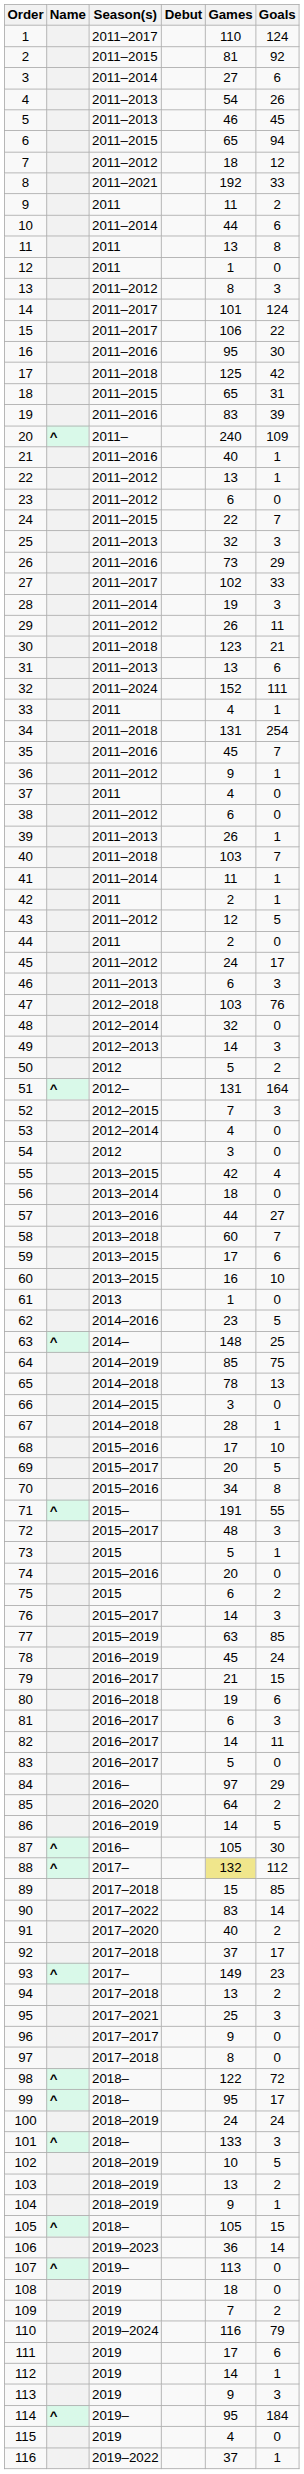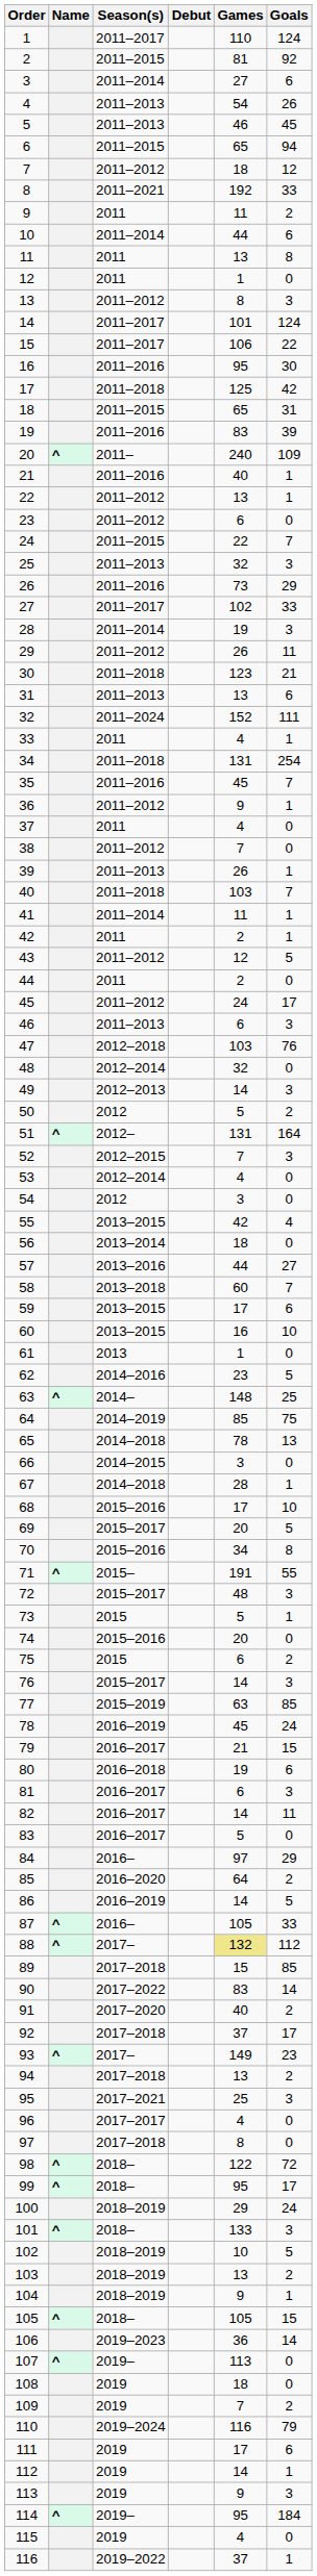 <table class="wikitable plainrowheaders sortable" style="text-align:center">
 <tr>
 <th scope="col">Order</th>
 <th scope="col">Name</th>
 <th scope="col">Season(s)</th>
 <th scope="col">Debut</th>
 <th scope="col">Games</th>
 <th scope="col">Goals</th>
 </tr>
 <tr>
 <td>1</td>
 <th scope="row" align="left"></th>
 <td align="left">2011–2017</td>
 <td></td>
 <td>110</td>
 <td>124</td>
 </tr>
 <tr>
 <td>2</td>
 <th scope="row" align="left"></th>
 <td align="left">2011–2015</td>
 <td></td>
 <td>81</td>
 <td>92</td>
 </tr>
 <tr>
 <td>3</td>
 <th scope="row" align="left"></th>
 <td align="left">2011–2014</td>
 <td></td>
 <td>27</td>
 <td>6</td>
 </tr>
 <tr>
 <td>4</td>
 <th scope="row" align="left"></th>
 <td align="left">2011–2013</td>
 <td></td>
 <td>54</td>
 <td>26</td>
 </tr>
 <tr>
 <td>5</td>
 <th scope="row" align="left"></th>
 <td align="left">2011–2013</td>
 <td></td>
 <td>46</td>
 <td>45</td>
 </tr>
 <tr>
 <td>6</td>
 <th scope="row" align="left"></th>
 <td align="left">2011–2015</td>
 <td></td>
 <td>65</td>
 <td>94</td>
 </tr>
 <tr>
 <td>7</td>
 <th scope="row" align="left"></th>
 <td align="left">2011–2012</td>
 <td></td>
 <td>18</td>
 <td>12</td>
 </tr>
 <tr>
 <td>8</td>
 <th scope="row" align=“left”></th>
 <td align="left">2011–2021</td>
 <td></td>
 <td>192</td>
 <td>33</td>
 </tr>
 <tr>
 <td>9</td>
 <th scope="row" align="left"></th>
 <td align="left">2011</td>
 <td></td>
 <td>11</td>
 <td>2</td>
 </tr>
 <tr>
 <td>10</td>
 <th scope="row" align="left"></th>
 <td align="left">2011–2014</td>
 <td></td>
 <td>44</td>
 <td>6</td>
 </tr>
 <tr>
 <td>11</td>
 <th scope="row" align="left"></th>
 <td align="left">2011</td>
 <td></td>
 <td>13</td>
 <td>8</td>
 </tr>
 <tr>
 <td>12</td>
 <th scope="row" align="left"></th>
 <td align="left">2011</td>
 <td></td>
 <td>1</td>
 <td>0</td>
 </tr>
 <tr>
 <td>13</td>
 <th scope="row" align="left"></th>
 <td align="left">2011–2012</td>
 <td></td>
 <td>8</td>
 <td>3</td>
 </tr>
 <tr>
 <td>14</td>
 <th scope="row" align="left"></th>
 <td align="left">2011–2017</td>
 <td></td>
 <td>101</td>
 <td>124</td>
 </tr>
 <tr>
 <td>15</td>
 <th scope="row" align="left"></th>
 <td align="left">2011–2017</td>
 <td></td>
 <td>106</td>
 <td>22</td>
 </tr>
 <tr>
 <td>16</td>
 <th scope="row" align="left"></th>
 <td align="left">2011–2016</td>
 <td></td>
 <td>95</td>
 <td>30</td>
 </tr>
 <tr>
 <td>17</td>
 <th scope="row" style="text-align:left"></th>
 <td align="left">2011–2018</td>
 <td></td>
 <td>125</td>
 <td>42</td>
 </tr>
 <tr>
 <td>18</td>
 <th scope="row" align="left"></th>
 <td align="left">2011–2015</td>
 <td></td>
 <td>65</td>
 <td>31</td>
 </tr>
 <tr>
 <td>19</td>
 <th scope="row" align="left"></th>
 <td align="left">2011–2016</td>
 <td></td>
 <td>83</td>
 <td>39</td>
 </tr>
 <tr>
 <td>20</td>
 <th scope="row" style="text-align:left; background:#d9f9e9;">^</th>
 <td align="left">2011–</td>
 <td></td>
 <td>240</td>
 <td>109</td>
 </tr>
 <tr>
 <td>21</td>
 <th scope="row" align="left"></th>
 <td align="left">2011–2016</td>
 <td></td>
 <td>40</td>
 <td>1</td>
 </tr>
 <tr>
 <td>22</td>
 <th scope="row" align="left"></th>
 <td align="left">2011–2012</td>
 <td></td>
 <td>13</td>
 <td>1</td>
 </tr>
 <tr>
 <td>23</td>
 <th scope="row" align="left"></th>
 <td align="left">2011–2012</td>
 <td></td>
 <td>6</td>
 <td>0</td>
 </tr>
 <tr>
 <td>24</td>
 <th scope="row" align="left"></th>
 <td align="left">2011–2015</td>
 <td></td>
 <td>22</td>
 <td>7</td>
 </tr>
 <tr>
 <td>25</td>
 <th scope="row" align="left"></th>
 <td align="left">2011–2013</td>
 <td></td>
 <td>32</td>
 <td>3</td>
 </tr>
 <tr>
 <td>26</td>
 <th scope="row" align="left"></th>
 <td align="left">2011–2016</td>
 <td></td>
 <td>73</td>
 <td>29</td>
 </tr>
 <tr>
 <td>27</td>
 <th scope="row" align="left"></th>
 <td align="left">2011–2017</td>
 <td></td>
 <td>102</td>
 <td>33</td>
 </tr>
 <tr>
 <td>28</td>
 <th scope="row" align="left"></th>
 <td align="left">2011–2014</td>
 <td></td>
 <td>19</td>
 <td>3</td>
 </tr>
 <tr>
 <td>29</td>
 <th scope="row" align="left"></th>
 <td align="left">2011–2012</td>
 <td></td>
 <td>26</td>
 <td>11</td>
 </tr>
 <tr>
 <td>30</td>
 <th scope="row"></th>
 <td align="left">2011–2018</td>
 <td></td>
 <td>123</td>
 <td>21</td>
 </tr>
 <tr>
 <td>31</td>
 <th scope="row" align="left"></th>
 <td align="left">2011–2013</td>
 <td></td>
 <td>13</td>
 <td>6</td>
 </tr>
 <tr>
 <td>32</td>
 <th scope="row" style="text-align:left"></th>
 <td align="left">2011–2024</td>
 <td></td>
 <td>152</td>
 <td>111</td>
 </tr>
 <tr>
 <td>33</td>
 <th scope="row" align="left"></th>
 <td align="left">2011</td>
 <td></td>
 <td>4</td>
 <td>1</td>
 </tr>
 <tr>
 <td>34</td>
 <th scope="row"></th>
 <td align="left">2011–2018</td>
 <td></td>
 <td>131</td>
 <td>254</td>
 </tr>
 <tr>
 <td>35</td>
 <th scope="row" style="text-align:left"></th>
 <td align="left">2011–2016</td>
 <td></td>
 <td>45</td>
 <td>7</td>
 </tr>
 <tr>
 <td>36</td>
 <th scope="row" align="left"></th>
 <td align="left">2011–2012</td>
 <td></td>
 <td>9</td>
 <td>1</td>
 </tr>
 <tr>
 <td>37</td>
 <th scope="row" align="left"></th>
 <td align="left">2011</td>
 <td></td>
 <td>4</td>
 <td>0</td>
 </tr>
 <tr>
 <td>38</td>
 <th scope="row" align="left"></th>
 <td align="left">2011–2012</td>
 <td></td>
-<td>6</td>
+<td>7</td>
 <td>0</td>
 </tr>
 <tr>
 <td>39</td>
 <th scope="row" align="left"></th>
 <td align="left">2011–2013</td>
 <td></td>
 <td>26</td>
 <td>1</td>
 </tr>
 <tr>
 <td>40</td>
 <th scope="row" style="text-align:left"></th>
 <td align="left">2011–2018</td>
 <td></td>
 <td>103</td>
 <td>7</td>
 </tr>
 <tr>
 <td>41</td>
 <th scope="row" align="left"></th>
 <td align="left">2011–2014</td>
 <td></td>
 <td>11</td>
 <td>1</td>
 </tr>
 <tr>
 <td>42</td>
 <th scope="row" align="left"></th>
 <td align="left">2011</td>
 <td></td>
 <td>2</td>
 <td>1</td>
 </tr>
 <tr>
 <td>43</td>
 <th scope="row" align="left"></th>
 <td align="left">2011–2012</td>
 <td></td>
 <td>12</td>
 <td>5</td>
 </tr>
 <tr>
 <td>44</td>
 <th scope="row" align="left"></th>
 <td align="left">2011</td>
 <td></td>
 <td>2</td>
 <td>0</td>
 </tr>
 <tr>
 <td>45</td>
 <th scope="row" align="left"></th>
 <td align="left">2011–2012</td>
 <td></td>
 <td>24</td>
 <td>17</td>
 </tr>
 <tr>
 <td>46</td>
 <th scope="row" align="left"></th>
 <td align="left">2011–2013</td>
 <td></td>
 <td>6</td>
 <td>3</td>
 </tr>
 <tr>
 <td>47</td>
 <th scope="row" style="text-align:left"></th>
 <td align="left">2012–2018</td>
 <td></td>
 <td>103</td>
 <td>76</td>
 </tr>
 <tr>
 <td>48</td>
 <th scope="row" align="left"></th>
 <td align="left">2012–2014</td>
 <td></td>
 <td>32</td>
 <td>0</td>
 </tr>
 <tr>
 <td>49</td>
 <th scope="row" align="left"></th>
 <td align="left">2012–2013</td>
 <td></td>
 <td>14</td>
 <td>3</td>
 </tr>
 <tr>
 <td>50</td>
 <th scope="row" align="left"></th>
 <td align="left">2012</td>
 <td></td>
 <td>5</td>
 <td>2</td>
 </tr>
 <tr>
 <td>51</td>
 <th scope="row" style="text-align:left; background:#d9f9e9;">^</th>
 <td align="left">2012–</td>
 <td></td>
 <td>131</td>
 <td>164</td>
 </tr>
 <tr>
 <td>52</td>
 <th scope="row" align="left"></th>
 <td align="left">2012–2015</td>
 <td></td>
 <td>7</td>
 <td>3</td>
 </tr>
 <tr>
 <td>53</td>
 <th scope="row" align="left"></th>
 <td align="left">2012–2014</td>
 <td></td>
 <td>4</td>
 <td>0</td>
 </tr>
 <tr>
 <td>54</td>
 <th scope="row" align="left"></th>
 <td align="left">2012</td>
 <td></td>
 <td>3</td>
 <td>0</td>
 </tr>
 <tr>
 <td>55</td>
 <th scope="row" align="left"></th>
 <td align="left">2013–2015</td>
 <td></td>
 <td>42</td>
 <td>4</td>
 </tr>
 <tr>
 <td>56</td>
 <th scope="row" align="left"></th>
 <td align="left">2013–2014</td>
 <td></td>
 <td>18</td>
 <td>0</td>
 </tr>
 <tr>
 <td>57</td>
 <th scope="row" align="left"></th>
 <td align="left">2013–2016</td>
 <td></td>
 <td>44</td>
 <td>27</td>
 </tr>
 <tr>
 <td>58</td>
 <th scope="row"></th>
 <td align="left">2013–2018</td>
 <td></td>
 <td>60</td>
 <td>7</td>
 </tr>
 <tr>
 <td>59</td>
 <th scope="row" align="left"></th>
 <td align="left">2013–2015</td>
 <td></td>
 <td>17</td>
 <td>6</td>
 </tr>
 <tr>
 <td>60</td>
 <th scope="row" align="left"></th>
 <td align="left">2013–2015</td>
 <td></td>
 <td>16</td>
 <td>10</td>
 </tr>
 <tr>
 <td>61</td>
 <th scope="row" align="left"></th>
 <td align="left">2013</td>
 <td></td>
 <td>1</td>
 <td>0</td>
 </tr>
 <tr>
 <td>62</td>
 <th scope="row" align="left"></th>
 <td align="left">2014–2016</td>
 <td></td>
 <td>23</td>
 <td>5</td>
 </tr>
 <tr>
 <td>63</td>
 <th scope="row" style="text-align:left; background:#d9f9e9;">^</th>
 <td align="left">2014–</td>
 <td></td>
 <td>148</td>
 <td>25</td>
 </tr>
 <tr>
 <td>64</td>
 <th scope="row" style="text-align:left"></th>
 <td align="left">2014–2019</td>
 <td></td>
 <td>85</td>
 <td>75</td>
 </tr>
 <tr>
 <td>65</td>
 <th scope="row"></th>
 <td align="left">2014–2018</td>
 <td></td>
 <td>78</td>
 <td>13</td>
 </tr>
 <tr>
 <td>66</td>
 <th scope="row" align="left"></th>
 <td align="left">2014–2015</td>
 <td></td>
 <td>3</td>
 <td>0</td>
 </tr>
 <tr>
 <td>67</td>
 <th scope="row"></th>
 <td align="left">2014–2018</td>
 <td></td>
 <td>28</td>
 <td>1</td>
 </tr>
 <tr>
 <td>68</td>
 <th scope="row" align="left"></th>
 <td align="left">2015–2016</td>
 <td></td>
 <td>17</td>
 <td>10</td>
 </tr>
 <tr>
 <td>69</td>
 <th scope="row" align="left"></th>
 <td align="left">2015–2017</td>
 <td></td>
 <td>20</td>
 <td>5</td>
 </tr>
 <tr>
 <td>70</td>
 <th scope="row" align="left"></th>
 <td align="left">2015–2016</td>
 <td></td>
 <td>34</td>
 <td>8</td>
 </tr>
 <tr>
 <td>71</td>
 <th scope="row" style="text-align:left; background:#d9f9e9;">^</th>
 <td align="left">2015–</td>
 <td></td>
 <td>191</td>
 <td>55</td>
 </tr>
 <tr>
 <td>72</td>
 <th scope="row" align="left"></th>
 <td align="left">2015–2017</td>
 <td></td>
 <td>48</td>
 <td>3</td>
 </tr>
 <tr>
 <td>73</td>
 <th scope="row" align="left"></th>
 <td align="left">2015</td>
 <td></td>
 <td>5</td>
 <td>1</td>
 </tr>
 <tr>
 <td>74</td>
 <th scope="row" align="left"></th>
 <td align="left">2015–2016</td>
 <td></td>
 <td>20</td>
 <td>0</td>
 </tr>
 <tr>
 <td>75</td>
 <th scope="row" align="left"></th>
 <td align="left">2015</td>
 <td></td>
 <td>6</td>
 <td>2</td>
 </tr>
 <tr>
 <td>76</td>
 <th scope="row" align="left"></th>
 <td align="left">2015–2017</td>
 <td></td>
 <td>14</td>
 <td>3</td>
 </tr>
 <tr>
 <td>77</td>
 <th scope="row"></th>
 <td align="left">2015–2019</td>
 <td></td>
 <td>63</td>
 <td>85</td>
 </tr>
 <tr>
 <td>78</td>
 <th scope="row"></th>
 <td align="left">2016–2019</td>
 <td></td>
 <td>45</td>
 <td>24</td>
 </tr>
 <tr>
 <td>79</td>
 <th scope="row"></th>
 <td align="left">2016–2017</td>
 <td></td>
 <td>21</td>
 <td>15</td>
 </tr>
 <tr>
 <td>80</td>
 <th scope="row"></th>
 <td align="left">2016–2018</td>
 <td></td>
 <td>19</td>
 <td>6</td>
 </tr>
 <tr>
 <td>81</td>
 <th scope="row" align="left"></th>
 <td align="left">2016–2017</td>
 <td></td>
 <td>6</td>
 <td>3</td>
 </tr>
 <tr>
 <td>82</td>
 <th scope="row" align="left"></th>
 <td align="left">2016–2017</td>
 <td></td>
 <td>14</td>
 <td>11</td>
 </tr>
 <tr>
 <td>83</td>
 <th scope="row"></th>
 <td align="left">2016–2017</td>
 <td></td>
 <td>5</td>
 <td>0</td>
 </tr>
 <tr>
 <td>84</td>
 <th scope="row" style="text-align:left"></th>
 <td align="left">2016–</td>
 <td></td>
 <td>97</td>
 <td>29</td>
 </tr>
 <tr>
 <td>85</td>
 <th scope="row"></th>
 <td align="left">2016–2020</td>
 <td></td>
 <td>64</td>
 <td>2</td>
 </tr>
 <tr>
 <td>86</td>
 <th scope="row" style="text-align:left"></th>
 <td align="left">2016–2019</td>
 <td></td>
 <td>14</td>
 <td>5</td>
 </tr>
 <tr>
 <td>87</td>
 <th scope="row" style="text-align:left; background:#d9f9e9;">^</th>
 <td align="left">2016–</td>
 <td></td>
 <td>105</td>
-<td>30</td>
+<td>33</td>
 </tr>
 <tr>
 <td>88</td>
 <th scope="row" style="text-align:left; background:#d9f9e9;">^</th>
 <td align="left">2017–</td>
 <td></td>
 <td style="background: khaki;">132</td>
 <td>112</td>
 </tr>
 <tr>
 <td>89</td>
 <th scope="row"></th>
 <td align="left">2017–2018</td>
 <td></td>
 <td>15</td>
 <td>85</td>
 </tr>
 <tr>
 <td>90</td>
 <th scope="row"></th>
 <td align="left">2017–2022</td>
 <td></td>
 <td>83</td>
 <td>14</td>
 </tr>
 <tr>
 <td>91</td>
 <th scope="row"></th>
 <td align="left">2017–2020</td>
 <td></td>
 <td>40</td>
 <td>2</td>
 </tr>
 <tr>
 <td>92</td>
 <th scope="row"></th>
 <td align="left">2017–2018</td>
 <td></td>
 <td>37</td>
 <td>17</td>
 </tr>
 <tr>
 <td>93</td>
 <th scope="row" style="text-align:left; background:#d9f9e9;">^</th>
 <td align="left">2017–</td>
 <td></td>
 <td>149</td>
 <td>23</td>
 </tr>
 <tr>
 <td>94</td>
 <th scope="row"></th>
 <td align="left">2017–2018</td>
 <td></td>
 <td>13</td>
 <td>2</td>
 </tr>
 <tr>
 <td>95</td>
 <th scope="row"></th>
 <td align="left">2017–2021</td>
 <td></td>
 <td>25</td>
 <td>3</td>
 </tr>
 <tr>
 <td>96</td>
 <th scope="row"></th>
 <td align="left">2017–2017</td>
 <td></td>
-<td>9</td>
+<td>4</td>
 <td>0</td>
 </tr>
 <tr>
 <td>97</td>
 <th scope="row"></th>
 <td align="left">2017–2018</td>
 <td></td>
 <td>8</td>
 <td>0</td>
 </tr>
 <tr>
 <td>98</td>
 <th scope="row" style="text-align:left; background:#d9f9e9;">^</th>
 <td align="left">2018–</td>
 <td></td>
 <td>122</td>
 <td>72</td>
 </tr>
 <tr>
 <td>99</td>
 <th scope="row" style="text-align:left; background:#d9f9e9;">^</th>
 <td align="left">2018–</td>
 <td></td>
 <td>95</td>
 <td>17</td>
 </tr>
 <tr>
 <td>100</td>
 <th scope="row" style="text-align:left"></th>
 <td align="left">2018–2019</td>
 <td></td>
-<td>24</td>
+<td>29</td>
 <td>24</td>
 </tr>
 <tr>
 <td>101</td>
 <th scope="row" style="text-align:left; background:#d9f9e9;">^</th>
 <td align="left">2018–</td>
 <td></td>
 <td>133</td>
 <td>3</td>
 </tr>
 <tr>
 <td>102</td>
 <th scope="row" style="text-align:left"></th>
 <td align="left">2018–2019</td>
 <td></td>
 <td>10</td>
 <td>5</td>
 </tr>
 <tr>
 <td>103</td>
 <th scope="row" style="text-align:left"></th>
 <td align="left">2018–2019</td>
 <td></td>
 <td>13</td>
 <td>2</td>
 </tr>
 <tr>
 <td>104</td>
 <th scope="row" style="text-align:left"></th>
 <td align="left">2018–2019</td>
 <td></td>
 <td>9</td>
 <td>1</td>
 </tr>
 <tr>
 <td>105</td>
 <th scope="row" style="text-align:left; background:#d9f9e9;">^</th>
 <td align="left">2018–</td>
 <td></td>
 <td>105</td>
 <td>15</td>
 </tr>
 <tr>
 <td>106</td>
 <th scope="row" style="text-align:left"></th>
 <td align="left">2019–2023</td>
 <td></td>
 <td>36</td>
 <td>14</td>
 </tr>
 <tr>
 <td>107</td>
 <th scope="row" style="text-align:left; background:#d9f9e9;">^</th>
 <td align="left">2019–</td>
 <td></td>
 <td>113</td>
 <td>0</td>
 </tr>
 <tr>
 <td>108</td>
 <th scope="row" style="text-align:left"></th>
 <td align="left">2019</td>
 <td></td>
 <td>18</td>
 <td>0</td>
 </tr>
 <tr>
 <td>109</td>
 <th scope="row" style="text-align:left"></th>
 <td align="left">2019</td>
 <td></td>
 <td>7</td>
 <td>2</td>
 </tr>
 <tr>
 <td>110</td>
 <th scope="row" style="text-align:left"></th>
 <td align="left">2019–2024</td>
 <td></td>
 <td>116</td>
 <td>79</td>
 </tr>
 <tr>
 <td>111</td>
 <th scope="row" style="text-align:left"></th>
 <td align="left">2019</td>
 <td></td>
 <td>17</td>
 <td>6</td>
 </tr>
 <tr>
 <td>112</td>
 <th scope="row" style="text-align:left"></th>
 <td align="left">2019</td>
 <td></td>
 <td>14</td>
 <td>1</td>
 </tr>
 <tr>
 <td>113</td>
 <th scope="row" style="text-align:left"></th>
 <td align="left">2019</td>
 <td></td>
 <td>9</td>
 <td>3</td>
 </tr>
 <tr>
 <td>114</td>
 <th scope="row" style="text-align:left; background:#d9f9e9;">^</th>
 <td align="left">2019–</td>
 <td></td>
 <td>95</td>
 <td>184</td>
 </tr>
 <tr>
 <td>115</td>
 <th scope="row" style="text-align:left"></th>
 <td align="left">2019</td>
 <td></td>
 <td>4</td>
 <td>0</td>
 </tr>
 <tr>
 <td>116</td>
 <th scope="row"></th>
 <td align="left">2019–2022</td>
 <td></td>
 <td>37</td>
 <td>1</td>
 </tr>
 </table>
